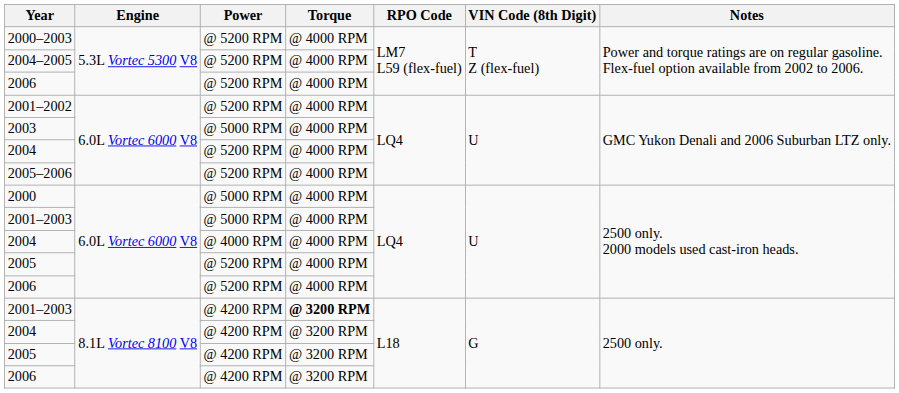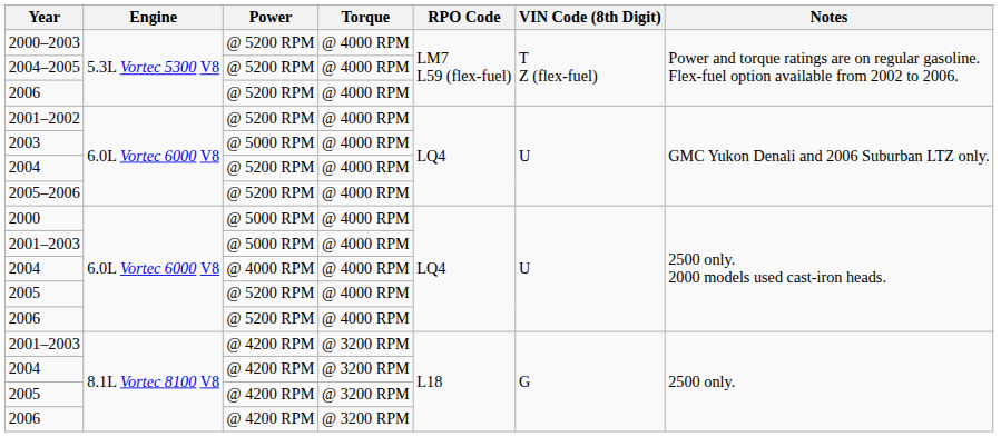 <table class="wikitable">
 <tr>
 <th>Year</th>
 <th>Engine</th>
 <th>Power</th>
 <th>Torque</th>
 <th>RPO Code</th>
 <th>VIN Code (8th Digit)</th>
 <th>Notes</th>
 </tr>
 <tr>
 <td>2000–2003</td>
 <td rowspan="3">5.3L <em><a href='#'>Vortec 5300</a></em> <a href='#'>V8</a></td>
 <td> @ 5200 RPM</td>
 <td> @ 4000 RPM</td>
 <td rowspan="3">LM7<br>L59 (flex-fuel)</td>
 <td rowspan="3">T<br>Z (flex-fuel)</td>
 <td rowspan="3">Power and torque ratings are on regular gasoline.<br>Flex-fuel option available from 2002 to 2006.</td>
 </tr>
 <tr>
 <td>2004–2005</td>
 <td> @ 5200 RPM</td>
 <td> @ 4000 RPM</td>
 </tr>
 <tr>
 <td>2006</td>
 <td> @ 5200 RPM</td>
 <td> @ 4000 RPM</td>
 </tr>
 <tr>
 <td>2001–2002</td>
 <td rowspan="4">6.0L <em><a href='#'>Vortec 6000</a></em> <a href='#'>V8</a></td>
 <td> @ 5200 RPM</td>
 <td> @ 4000 RPM</td>
 <td rowspan="4">LQ4</td>
 <td rowspan="4">U</td>
 <td rowspan="4">GMC Yukon Denali and 2006 Suburban LTZ only.</td>
 </tr>
 <tr>
 <td>2003</td>
 <td> @ 5000 RPM</td>
 <td> @ 4000 RPM</td>
 </tr>
 <tr>
 <td>2004</td>
 <td> @ 5200 RPM</td>
 <td> @ 4000 RPM</td>
 </tr>
 <tr>
 <td>2005–2006</td>
 <td> @ 5200 RPM</td>
 <td> @ 4000 RPM</td>
 </tr>
 <tr>
 <td>2000</td>
 <td rowspan="5">6.0L <em><a href='#'>Vortec 6000</a></em> <a href='#'>V8</a></td>
 <td> @ 5000 RPM</td>
 <td> @ 4000 RPM</td>
 <td rowspan="5">LQ4</td>
 <td rowspan="5">U</td>
 <td rowspan="5">2500 only.<br>2000 models used cast-iron heads.</td>
 </tr>
 <tr>
 <td>2001–2003</td>
 <td> @ 5000 RPM</td>
 <td> @ 4000 RPM</td>
 </tr>
 <tr>
 <td>2004</td>
 <td> @ 4000 RPM</td>
 <td> @ 4000 RPM</td>
 </tr>
 <tr>
 <td>2005</td>
 <td> @ 5200 RPM</td>
 <td> @ 4000 RPM</td>
 </tr>
 <tr>
 <td>2006</td>
 <td> @ 5200 RPM</td>
 <td> @ 4000 RPM</td>
 </tr>
 <tr>
 <td>2001–2003</td>
 <td rowspan="4">8.1L <em><a href='#'>Vortec 8100</a></em> <a href='#'>V8</a></td>
 <td> @ 4200 RPM</td>
-<td><strong> @ 3200 RPM</strong></td>
+<td> @ 3200 RPM</td>
 <td rowspan="4">L18</td>
 <td rowspan="4">G</td>
 <td rowspan="4">2500 only.</td>
 </tr>
 <tr>
 <td>2004</td>
 <td> @ 4200 RPM</td>
 <td> @ 3200 RPM</td>
 </tr>
 <tr>
 <td>2005</td>
 <td> @ 4200 RPM</td>
 <td> @ 3200 RPM</td>
 </tr>
 <tr>
 <td>2006</td>
 <td> @ 4200 RPM</td>
 <td> @ 3200 RPM</td>
 </tr>
 </table>
